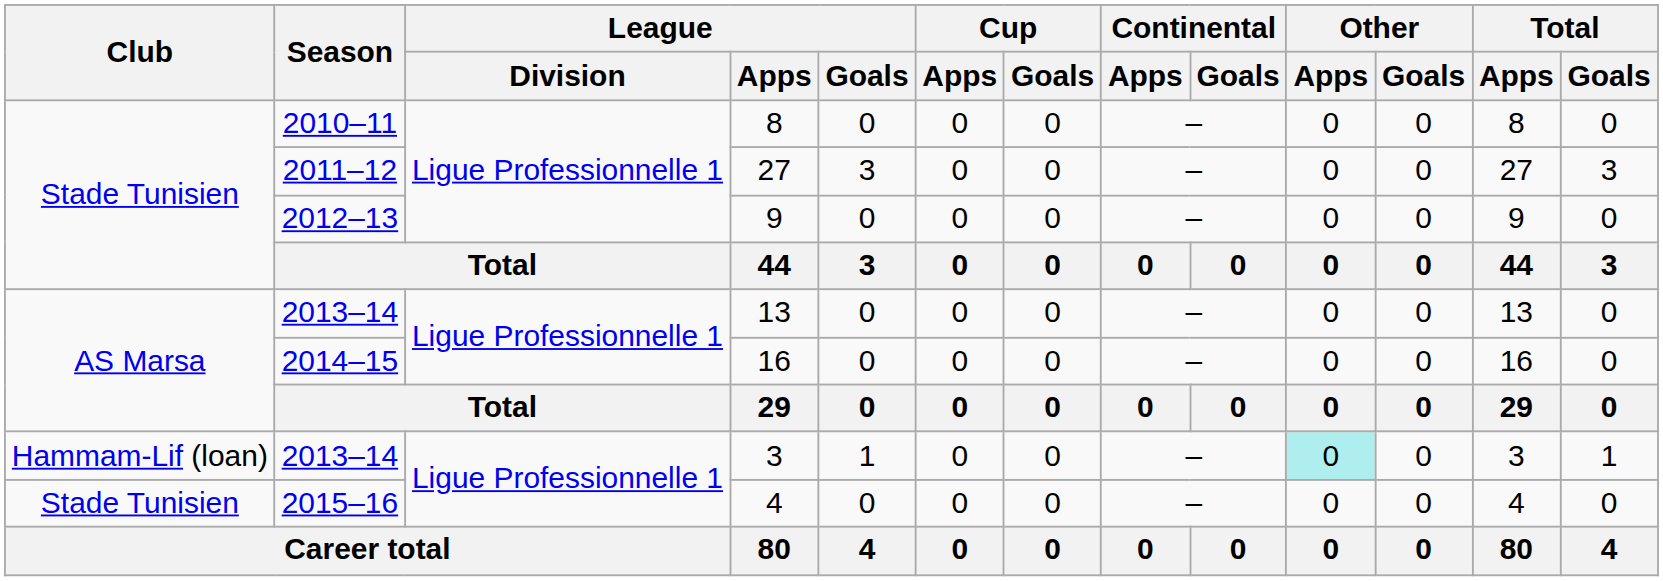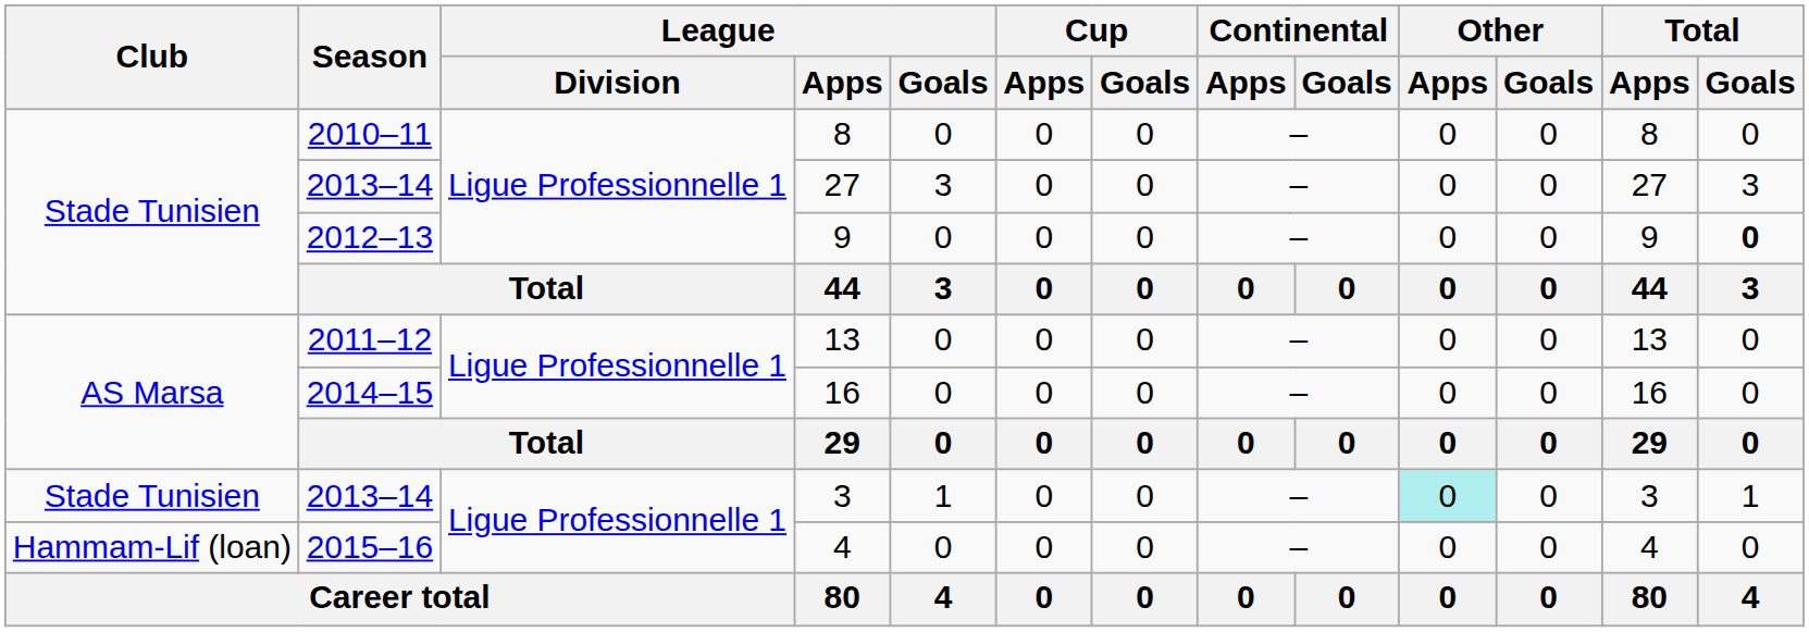 <table class="wikitable" style="text-align: center">
 <tr>
 <th rowspan="2">Club</th>
 <th rowspan="2">Season</th>
 <th colspan="3">League</th>
 <th colspan="2">Cup</th>
 <th colspan="2">Continental</th>
 <th colspan="2">Other</th>
 <th colspan="2">Total</th>
 </tr>
 <tr>
 <th>Division</th>
 <th>Apps</th>
 <th>Goals</th>
 <th>Apps</th>
 <th>Goals</th>
 <th>Apps</th>
 <th>Goals</th>
 <th>Apps</th>
 <th>Goals</th>
 <th>Apps</th>
 <th>Goals</th>
 </tr>
 <tr>
 <td rowspan="4"><a href='#'>Stade Tunisien</a></td>
 <td><a href='#'>2010–11</a></td>
 <td rowspan="3"><a href='#'>Ligue Professionnelle 1</a></td>
 <td>8</td>
 <td>0</td>
 <td>0</td>
 <td>0</td>
 <td colspan="2">–</td>
 <td>0</td>
 <td>0</td>
 <td>8</td>
 <td>0</td>
 </tr>
 <tr>
-<td><a href='#'>2011–12</a></td>
+<td><a href='#'>2013–14</a></td>
 <td>27</td>
 <td>3</td>
 <td>0</td>
 <td>0</td>
 <td colspan="2">–</td>
 <td>0</td>
 <td>0</td>
 <td>27</td>
 <td>3</td>
 </tr>
 <tr>
 <td><a href='#'>2012–13</a></td>
 <td>9</td>
 <td>0</td>
 <td>0</td>
 <td>0</td>
 <td colspan="2">–</td>
 <td>0</td>
 <td>0</td>
 <td>9</td>
-<td>0</td>
+<td><strong>0</strong></td>
 </tr>
 <tr>
 <th colspan=2>Total</th>
 <th>44</th>
 <th>3</th>
 <th>0</th>
 <th>0</th>
 <th>0</th>
 <th>0</th>
 <th>0</th>
 <th>0</th>
 <th>44</th>
 <th>3</th>
 </tr>
 <tr>
 <td rowspan="3"><a href='#'>AS Marsa</a></td>
-<td><a href='#'>2013–14</a></td>
+<td><a href='#'>2011–12</a></td>
 <td rowspan="2"><a href='#'>Ligue Professionnelle 1</a></td>
 <td>13</td>
 <td>0</td>
 <td>0</td>
 <td>0</td>
 <td colspan="2">–</td>
 <td>0</td>
 <td>0</td>
 <td>13</td>
 <td>0</td>
 </tr>
 <tr>
 <td><a href='#'>2014–15</a></td>
 <td>16</td>
 <td>0</td>
 <td>0</td>
 <td>0</td>
 <td colspan="2">–</td>
 <td>0</td>
 <td>0</td>
 <td>16</td>
 <td>0</td>
 </tr>
 <tr>
 <th colspan=2>Total</th>
 <th>29</th>
 <th>0</th>
 <th>0</th>
 <th>0</th>
 <th>0</th>
 <th>0</th>
 <th>0</th>
 <th>0</th>
 <th>29</th>
 <th>0</th>
 </tr>
 <tr>
-<td><a href='#'>Hammam-Lif</a> (loan)</td>
+<td><a href='#'>Stade Tunisien</a></td>
 <td><a href='#'>2013–14</a></td>
 <td rowspan="2"><a href='#'>Ligue Professionnelle 1</a></td>
 <td>3</td>
 <td>1</td>
 <td>0</td>
 <td>0</td>
 <td colspan="2">–</td>
 <td style="background: paleturquoise;">0</td>
 <td>0</td>
 <td>3</td>
 <td>1</td>
 </tr>
 <tr>
-<td><a href='#'>Stade Tunisien</a></td>
+<td><a href='#'>Hammam-Lif</a> (loan)</td>
 <td><a href='#'>2015–16</a></td>
 <td>4</td>
 <td>0</td>
 <td>0</td>
 <td>0</td>
 <td colspan="2">–</td>
 <td>0</td>
 <td>0</td>
 <td>4</td>
 <td>0</td>
 </tr>
 <tr>
 <th colspan=3>Career total</th>
 <th>80</th>
 <th>4</th>
 <th>0</th>
 <th>0</th>
 <th>0</th>
 <th>0</th>
 <th>0</th>
 <th>0</th>
 <th>80</th>
 <th>4</th>
 </tr>
 </table>
